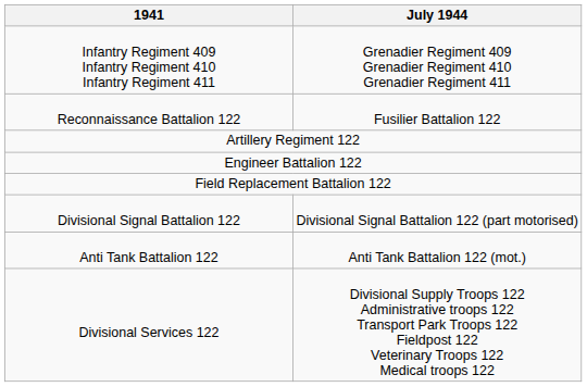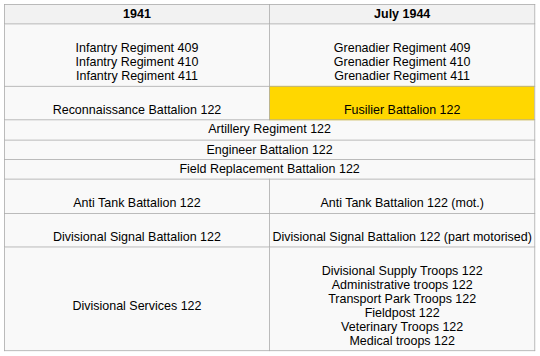 <table class="wikitable" style="text-align:center">
 <tr>
 <th width=50%>1941</th>
 <th>July 1944</th>
 </tr>
 <tr>
 <td><br>Infantry Regiment 409<br> Infantry Regiment 410<br> Infantry Regiment 411<br></td>
 <td><br>Grenadier Regiment 409<br> Grenadier Regiment 410<br> Grenadier Regiment 411<br></td>
 </tr>
 <tr>
 <td><br>Reconnaissance Battalion 122</td>
-<td><br>Fusilier Battalion 122</td>
+<td style="background: gold;"><br>Fusilier Battalion 122</td>
 </tr>
 <tr>
 <td colspan=2>Artillery Regiment 122</td>
 </tr>
 <tr>
 <td colspan=2>Engineer Battalion 122</td>
 </tr>
 <tr>
 <td colspan=2>Field Replacement Battalion 122</td>
 </tr>
 <tr>
+<td><br>Anti Tank Battalion 122</td>
+<td><br>Anti Tank Battalion 122 (mot.)</td>
+</tr>
+<tr>
 <td><br>Divisional Signal Battalion 122</td>
 <td><br>Divisional Signal Battalion 122 (part motorised)</td>
-</tr>
-<tr>
-<td><br>Anti Tank Battalion 122</td>
-<td><br>Anti Tank Battalion 122 (mot.)</td>
 </tr>
 <tr>
 <td><br>Divisional Services 122</td>
 <td><br>Divisional Supply Troops 122<br> Administrative troops 122<br> Transport Park Troops 122<br> Fieldpost 122<br> Veterinary Troops 122<br> Medical troops 122<br></td>
 </tr>
 </table>
